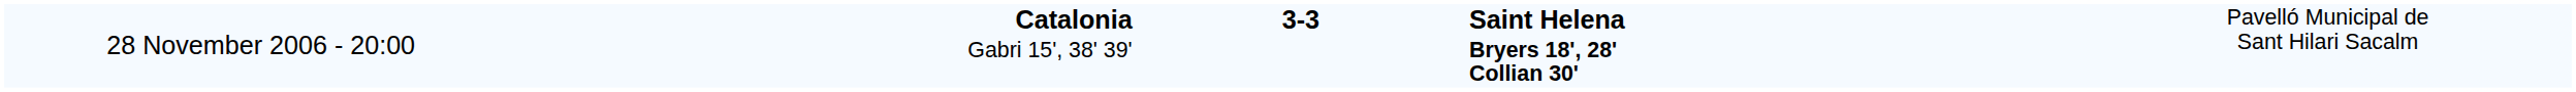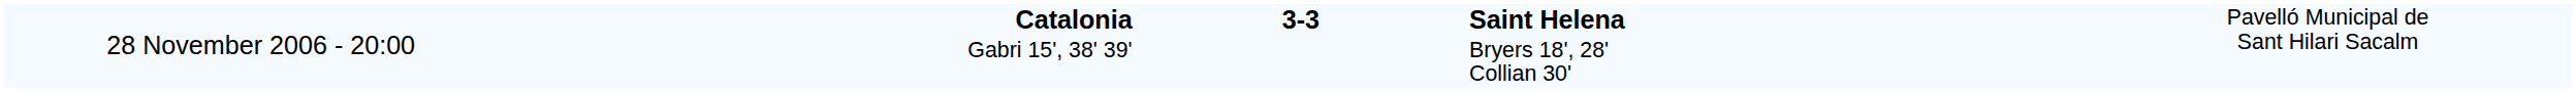 <table style="width: 100%; background:#F5FAFF;" cellspacing="0">
 <tr>
 <td align=center rowspan=3 width=20%>28 November 2006 - 20:00</td>
 </tr>
 <tr>
 <td width=24% align=right><strong>Catalonia</strong> </td>
 <td align=center width=13%><strong>3-3</strong></td>
 <td width=24%> <strong>Saint Helena</strong></td>
 <td style=font-size:85% rowspan=3 valign=top align=center>Pavelló Municipal de <br>Sant Hilari Sacalm</td>
 </tr>
 <tr style=font-size:85%>
 <td align=right valign=top>Gabri 15', 38' 39'</td>
 <td></td>
-<td valign=top><strong>Bryers 18', 28'<br>Collian 30'</strong></td>
+<td valign=top>Bryers 18', 28'<br>Collian 30'</td>
 </tr>
 </table>
